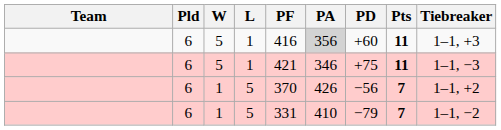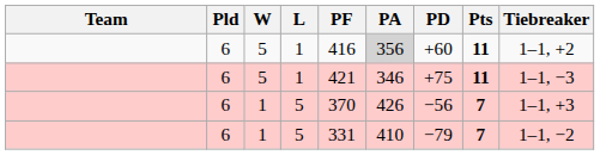 <table class="wikitable" style="text-align:center;">
 <tr>
 <th width=170>Team</th>
 <th width=25>Pld</th>
 <th width=25>W</th>
 <th width=25>L</th>
 <th width=35>PF</th>
 <th width=35>PA</th>
 <th width=35>PD</th>
 <th width=25>Pts</th>
 <th width=45>Tiebreaker</th>
 </tr>
 <tr>
 <td align="left"></td>
 <td>6</td>
 <td>5</td>
 <td>1</td>
 <td>416</td>
 <td style="background: lightgrey;">356</td>
 <td>+60</td>
 <td><strong>11</strong></td>
-<td>1–1, +3</td>
+<td>1–1, +2</td>
 </tr>
 <tr bgcolor=ffcccc>
 <td align="left"></td>
 <td>6</td>
 <td>5</td>
 <td>1</td>
 <td>421</td>
 <td>346</td>
 <td>+75</td>
 <td><strong>11</strong></td>
 <td>1–1, −3</td>
 </tr>
 <tr bgcolor=ffcccc>
 <td align="left"></td>
 <td>6</td>
 <td>1</td>
 <td>5</td>
 <td>370</td>
 <td>426</td>
 <td>−56</td>
 <td><strong>7</strong></td>
-<td>1–1, +2</td>
+<td>1–1, +3</td>
 </tr>
 <tr bgcolor=ffcccc>
 <td align="left"></td>
 <td>6</td>
 <td>1</td>
 <td>5</td>
 <td>331</td>
 <td>410</td>
 <td>−79</td>
 <td><strong>7</strong></td>
 <td>1–1, −2</td>
 </tr>
 </table>
